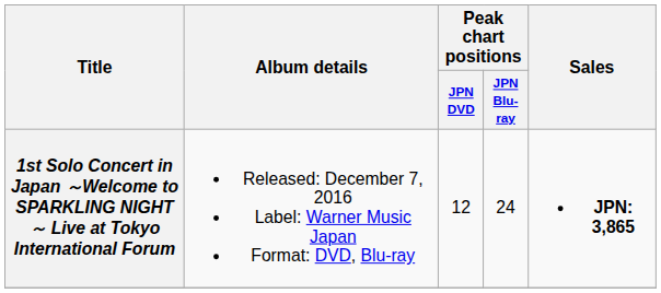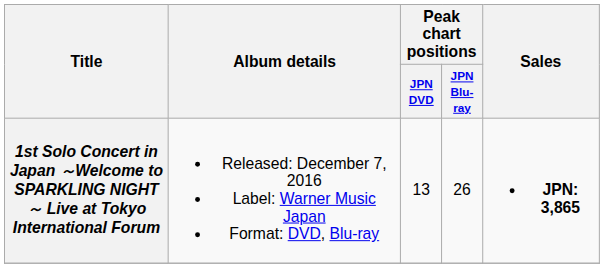 <table class="wikitable plainrowheaders" style="text-align:center;">
 <tr>
 <th scope="col" rowspan="2" style="width:12em;">Title</th>
 <th scope="col" rowspan="2" style="width:18em;">Album details</th>
 <th scope="col" colspan="2">Peak chart positions</th>
 <th scope="col" rowspan="2" style="width:8em;">Sales</th>
 </tr>
 <tr>
 <th scope="col" style="width:2.5em;font-size:90%;"><small><strong><a href='#'>JPN<br>DVD</a></strong><br></small></th>
 <th scope="col" style="width:2.5em;font-size:90%;"><small><strong><a href='#'>JPN<br>Blu-ray</a></strong><br></small></th>
 </tr>
 <tr>
 <th scope="row"><em>1st Solo Concert in Japan ～Welcome to SPARKLING NIGHT～ Live at Tokyo International Forum</em></th>
 <td><br><ul><li>Released: December 7, 2016</li><li>Label: <a href='#'>Warner Music Japan</a></li><li>Format: <a href='#'>DVD</a>, <a href='#'>Blu-ray</a></li></ul></td>
-<td>12</td>
-<td>24</td>
+<td>13</td>
+<td>26</td>
 <td><strong><br><ul><li>JPN: 3,865</li></ul></strong></td>
 </tr>
 <tr>
 </tr>
 </table>
